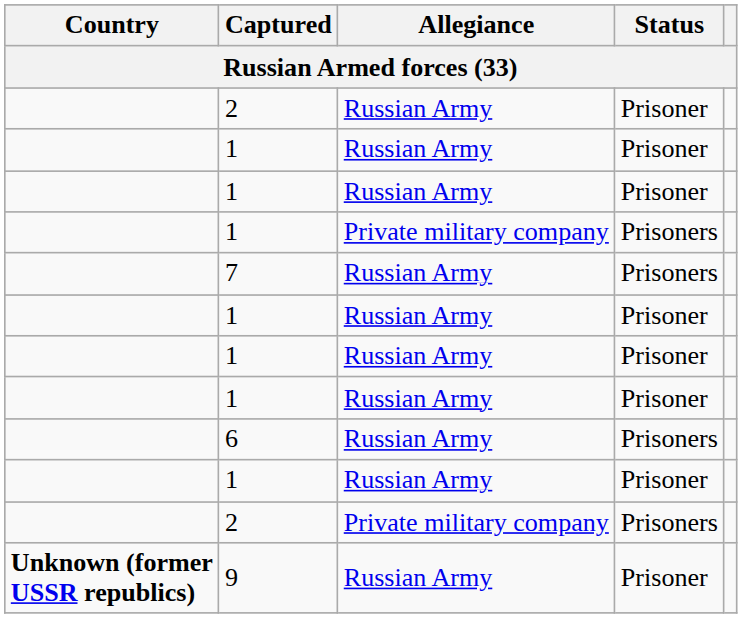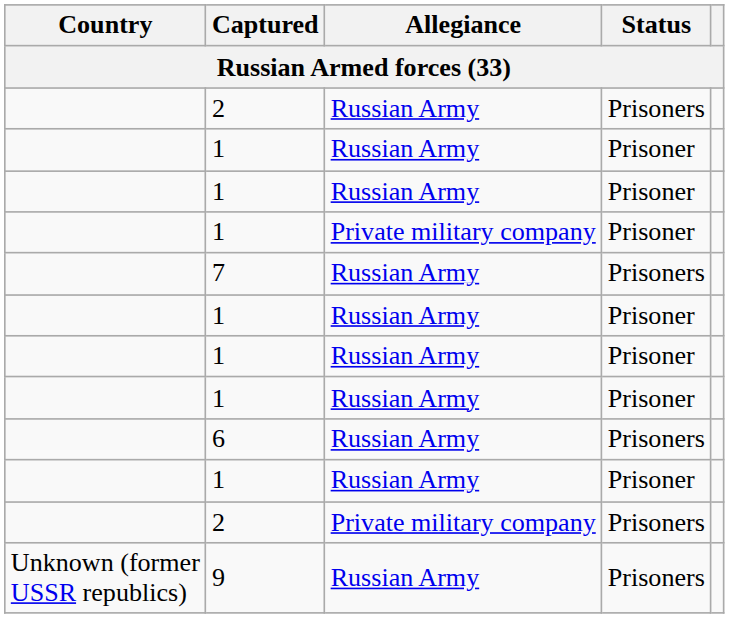 <table class="wikitable sortable" style="display:inline-table;">
 <tr>
 <th>Country</th>
 <th>Captured</th>
 <th>Allegiance</th>
 <th>Status</th>
 <th class="unsortable"></th>
 </tr>
 <tr>
 <th colspan="6">Russian Armed forces (33)</th>
 </tr>
 <tr>
 <td></td>
 <td>2</td>
 <td><a href='#'>Russian Army</a></td>
-<td>Prisoner</td>
+<td>Prisoners</td>
 <td></td>
 </tr>
 <tr>
 <td></td>
 <td>1</td>
 <td><a href='#'>Russian Army</a></td>
 <td>Prisoner</td>
 <td></td>
 </tr>
 <tr>
 <td></td>
 <td>1</td>
 <td><a href='#'>Russian Army</a></td>
 <td>Prisoner</td>
 <td></td>
 </tr>
 <tr>
 <td></td>
 <td>1</td>
 <td><a href='#'>Private military company</a></td>
-<td>Prisoners</td>
+<td>Prisoner</td>
 <td></td>
 </tr>
 <tr>
 <td></td>
 <td>7</td>
 <td><a href='#'>Russian Army</a></td>
 <td>Prisoners</td>
 <td></td>
 </tr>
 <tr>
 <td></td>
 <td>1</td>
 <td><a href='#'>Russian Army</a></td>
 <td>Prisoner</td>
 <td></td>
 </tr>
 <tr>
 <td></td>
 <td>1</td>
 <td><a href='#'>Russian Army</a></td>
 <td>Prisoner</td>
 <td></td>
 </tr>
 <tr>
 <td></td>
 <td>1</td>
 <td><a href='#'>Russian Army</a></td>
 <td>Prisoner</td>
 <td></td>
 </tr>
 <tr>
 <td></td>
 <td>6</td>
 <td><a href='#'>Russian Army</a></td>
 <td>Prisoners</td>
 <td></td>
 </tr>
 <tr>
 <td></td>
 <td>1</td>
 <td><a href='#'>Russian Army</a></td>
 <td>Prisoner</td>
 <td></td>
 </tr>
 <tr>
 <td></td>
 <td>2</td>
 <td><a href='#'>Private military company</a></td>
 <td>Prisoners</td>
 <td></td>
 </tr>
 <tr>
-<td><strong>Unknown (former<br><a href='#'>USSR</a> republics)</strong></td>
+<td>Unknown (former<br><a href='#'>USSR</a> republics)</td>
 <td>9</td>
 <td><a href='#'>Russian Army</a></td>
-<td>Prisoner</td>
+<td>Prisoners</td>
 <td></td>
 </tr>
 </table>
